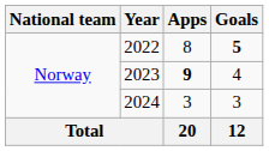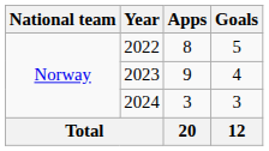 <table class="wikitable" style="text-align:center">
 <tr>
 <th>National team</th>
 <th>Year</th>
 <th>Apps</th>
 <th>Goals</th>
 </tr>
 <tr>
 <td rowspan="3"><a href='#'>Norway</a></td>
 <td>2022</td>
 <td>8</td>
-<td><strong>5</strong></td>
+<td>5</td>
 </tr>
 <tr>
 <td>2023</td>
-<td><strong>9</strong></td>
+<td>9</td>
 <td>4</td>
 </tr>
 <tr>
 <td>2024</td>
 <td>3</td>
 <td>3</td>
 </tr>
 <tr>
 <th colspan="2">Total</th>
 <th>20</th>
 <th>12</th>
 </tr>
 </table>
